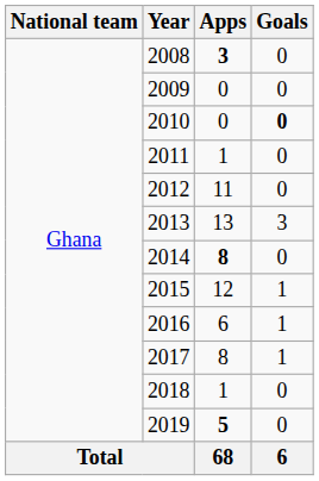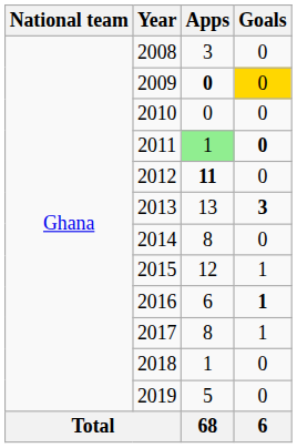 <table class="wikitable" style="text-align:center">
 <tr>
 <th>National team</th>
 <th>Year</th>
 <th>Apps</th>
 <th>Goals</th>
 </tr>
 <tr>
 <td rowspan="12"><a href='#'>Ghana</a></td>
 <td>2008</td>
-<td><strong>3</strong></td>
+<td>3</td>
 <td>0</td>
 </tr>
 <tr>
 <td>2009</td>
+<td><strong>0</strong></td>
+<td style="background: gold;">0</td>
+</tr>
+<tr>
+<td>2010</td>
 <td>0</td>
 <td>0</td>
 </tr>
 <tr>
-<td>2010</td>
-<td>0</td>
+<td>2011</td>
+<td style="background: lightgreen;">1</td>
 <td><strong>0</strong></td>
 </tr>
 <tr>
-<td>2011</td>
-<td>1</td>
-<td>0</td>
-</tr>
-<tr>
 <td>2012</td>
-<td>11</td>
+<td><strong>11</strong></td>
 <td>0</td>
 </tr>
 <tr>
 <td>2013</td>
 <td>13</td>
-<td>3</td>
+<td><strong>3</strong></td>
 </tr>
 <tr>
 <td>2014</td>
-<td><strong>8</strong></td>
+<td>8</td>
 <td>0</td>
 </tr>
 <tr>
 <td>2015</td>
 <td>12</td>
 <td>1</td>
 </tr>
 <tr>
 <td>2016</td>
 <td>6</td>
-<td>1</td>
+<td><strong>1</strong></td>
 </tr>
 <tr>
 <td>2017</td>
 <td>8</td>
 <td>1</td>
 </tr>
 <tr>
 <td>2018</td>
 <td>1</td>
 <td>0</td>
 </tr>
 <tr>
 <td>2019</td>
-<td><strong>5</strong></td>
+<td>5</td>
 <td>0</td>
 </tr>
 <tr>
 <th colspan="2">Total</th>
 <th>68</th>
 <th>6</th>
 </tr>
 </table>
